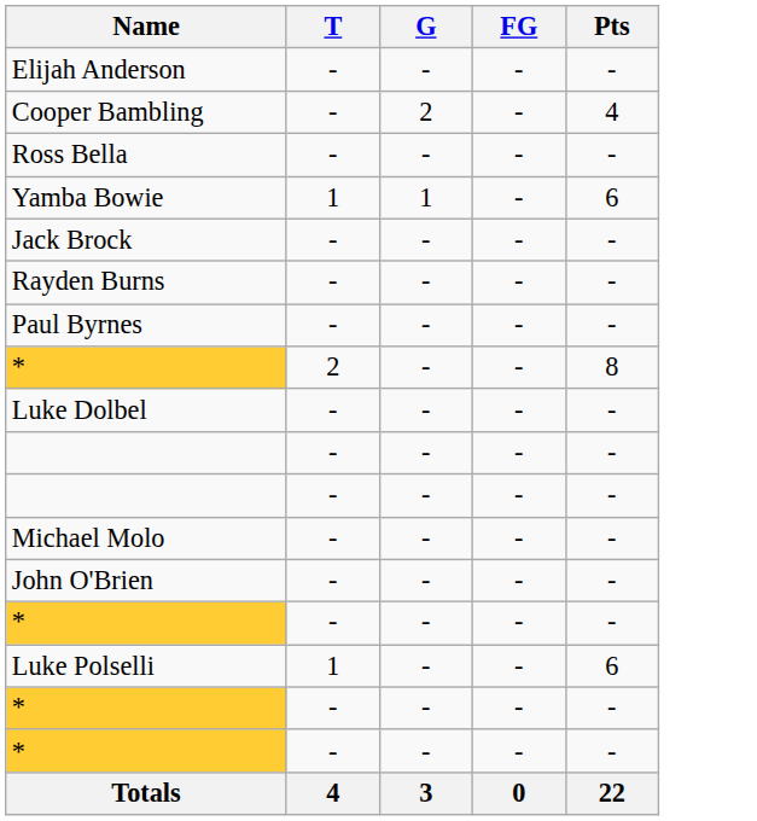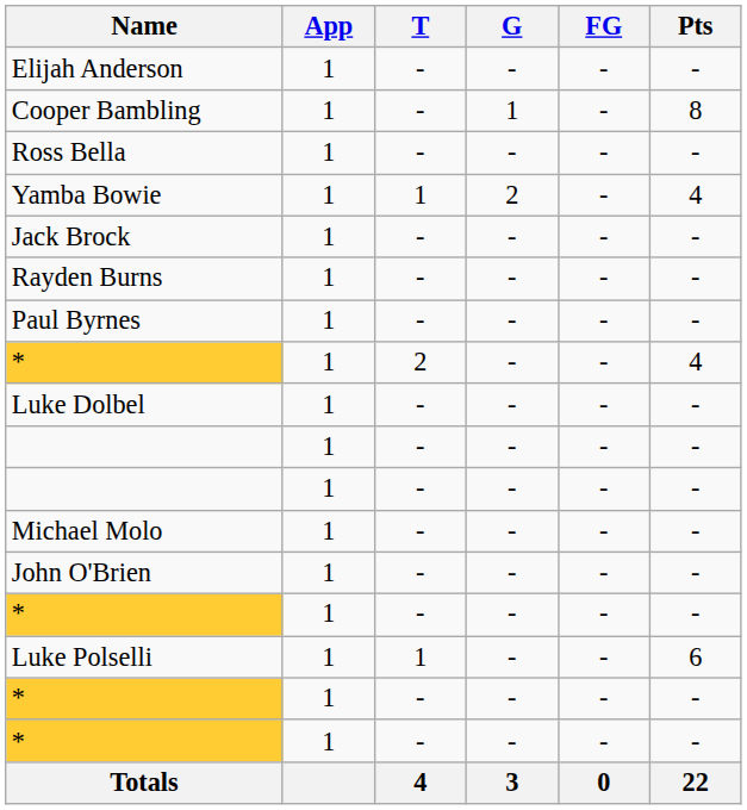 <table class="wikitable sortable" style="text-align: center;">
 <tr>
 <th style="width:10em">Name</th>
+<th style="width:3em"><a href='#'>App</a></th>
 <th style="width:3em"><a href='#'>T</a></th>
 <th style="width:3em"><a href='#'>G</a></th>
 <th style="width:3em"><a href='#'>FG</a></th>
 <th style="width:3em">Pts</th>
 </tr>
 <tr>
 <td style="text-align:left;">Elijah Anderson</td>
+<td>1</td>
 <td>-</td>
 <td>-</td>
 <td>-</td>
 <td>-</td>
 </tr>
 <tr>
 <td style="text-align:left;">Cooper Bambling</td>
+<td>1</td>
 <td>-</td>
-<td>2</td>
+<td>1</td>
 <td>-</td>
-<td>4</td>
+<td>8</td>
 </tr>
 <tr>
 <td style="text-align:left;">Ross Bella</td>
+<td>1</td>
 <td>-</td>
 <td>-</td>
 <td>-</td>
 <td>-</td>
 </tr>
 <tr>
 <td style="text-align:left;">Yamba Bowie</td>
 <td>1</td>
 <td>1</td>
+<td>2</td>
 <td>-</td>
-<td>6</td>
+<td>4</td>
 </tr>
 <tr>
 <td style="text-align:left;">Jack Brock</td>
+<td>1</td>
 <td>-</td>
 <td>-</td>
 <td>-</td>
 <td>-</td>
 </tr>
 <tr>
 <td style="text-align:left;">Rayden Burns</td>
+<td>1</td>
 <td>-</td>
 <td>-</td>
 <td>-</td>
 <td>-</td>
 </tr>
 <tr>
 <td style="text-align:left;">Paul Byrnes</td>
+<td>1</td>
 <td>-</td>
 <td>-</td>
 <td>-</td>
 <td>-</td>
 </tr>
 <tr>
 <td style="text-align:left; background:#FC3;">*</td>
+<td>1</td>
 <td>2</td>
 <td>-</td>
 <td>-</td>
-<td>8</td>
+<td>4</td>
 </tr>
 <tr>
 <td style="text-align:left;">Luke Dolbel</td>
+<td>1</td>
 <td>-</td>
 <td>-</td>
 <td>-</td>
 <td>-</td>
 </tr>
 <tr>
 <td style="text-align:left;"></td>
+<td>1</td>
 <td>-</td>
 <td>-</td>
 <td>-</td>
 <td>-</td>
 </tr>
 <tr>
 <td style="text-align:left;"></td>
+<td>1</td>
 <td>-</td>
 <td>-</td>
 <td>-</td>
 <td>-</td>
 </tr>
 <tr>
 <td style="text-align:left;">Michael Molo</td>
+<td>1</td>
 <td>-</td>
 <td>-</td>
 <td>-</td>
 <td>-</td>
 </tr>
 <tr>
 <td style="text-align:left;">John O'Brien</td>
+<td>1</td>
 <td>-</td>
 <td>-</td>
 <td>-</td>
 <td>-</td>
 </tr>
 <tr>
 <td style="text-align:left; background:#FC3;">*</td>
+<td>1</td>
 <td>-</td>
 <td>-</td>
 <td>-</td>
 <td>-</td>
 </tr>
 <tr>
 <td style="text-align:left;">Luke Polselli</td>
 <td>1</td>
+<td>1</td>
 <td>-</td>
 <td>-</td>
 <td>6</td>
 </tr>
 <tr>
 <td style="text-align:left; background:#FC3;">*</td>
+<td>1</td>
 <td>-</td>
 <td>-</td>
 <td>-</td>
 <td>-</td>
 </tr>
 <tr>
 <td style="text-align:left; background:#FC3;">*</td>
+<td>1</td>
 <td>-</td>
 <td>-</td>
 <td>-</td>
 <td>-</td>
 </tr>
 <tr class="sortbottom">
 <th>Totals</th>
+<th></th>
 <th>4</th>
 <th>3</th>
 <th>0</th>
 <th>22</th>
 </tr>
 </table>
